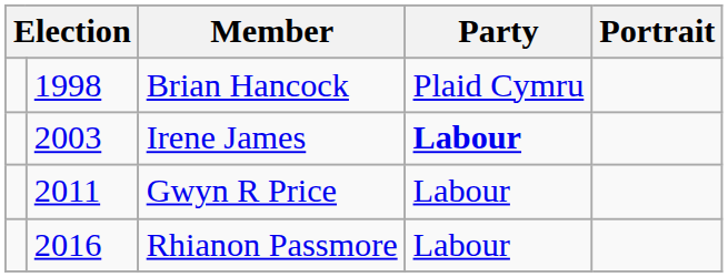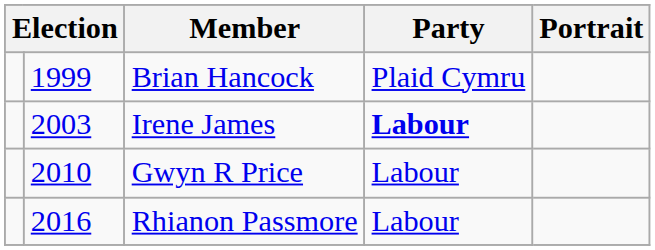 <table class="wikitable">
 <tr>
 <th colspan="2">Election</th>
 <th>Member</th>
 <th>Party</th>
 <th>Portrait</th>
 </tr>
 <tr>
 <td style="background-color: "></td>
-<td><a href='#'>1998</a></td>
+<td><a href='#'>1999</a></td>
 <td><a href='#'>Brian Hancock</a></td>
 <td><a href='#'>Plaid Cymru</a></td>
 <td></td>
 </tr>
 <tr>
 <td style="background-color: "></td>
 <td><a href='#'>2003</a></td>
 <td><a href='#'>Irene James</a></td>
 <td><strong><a href='#'>Labour</a></strong></td>
 <td></td>
 </tr>
 <tr>
 <td style="background-color: "></td>
-<td><a href='#'>2011</a></td>
+<td><a href='#'>2010</a></td>
 <td><a href='#'>Gwyn R Price</a></td>
 <td><a href='#'>Labour</a></td>
 <td></td>
 </tr>
 <tr>
 <td style="background-color: "></td>
 <td><a href='#'>2016</a></td>
 <td><a href='#'>Rhianon Passmore</a></td>
 <td><a href='#'>Labour</a></td>
 <td></td>
 </tr>
 </table>
